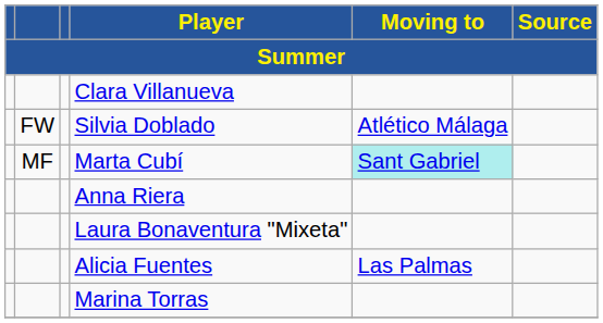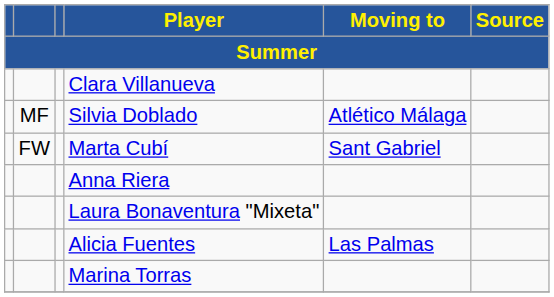 <table class="wikitable plainrowheaders sortable" style="text-align:center">
 <tr>
 <th style="background:#26559B; color:#FFF000; "></th>
 <th style="background:#26559B; color:#FFF000; "></th>
 <th style="background:#26559B; color:#FFF000; "></th>
 <th style="background:#26559B; color:#FFF000; ">Player</th>
 <th style="background:#26559B; color:#FFF000; ">Moving to</th>
 <th style="background:#26559B; color:#FFF000; ">Source</th>
 </tr>
 <tr>
 <th colspan="6" style="background:#26559B; color:#FFF000; ">Summer</th>
 </tr>
 <tr>
 <td></td>
 <td></td>
 <td></td>
 <td align="left"><a href='#'>Clara Villanueva</a></td>
 <td align="left"></td>
 <td></td>
 </tr>
 <tr>
 <td></td>
-<td>FW</td>
+<td>MF</td>
 <td></td>
 <td align="left"><a href='#'>Silvia Doblado</a></td>
 <td align="left"><a href='#'>Atlético Málaga</a></td>
 <td></td>
 </tr>
 <tr>
 <td></td>
-<td>MF</td>
+<td>FW</td>
 <td></td>
 <td align="left"><a href='#'>Marta Cubí</a></td>
-<td align="left" style="background: paleturquoise;"><a href='#'>Sant Gabriel</a></td>
+<td align="left"><a href='#'>Sant Gabriel</a></td>
 <td></td>
 </tr>
 <tr>
 <td></td>
 <td></td>
 <td></td>
 <td align="left"><a href='#'>Anna Riera</a></td>
 <td align="left"></td>
 <td></td>
 </tr>
 <tr>
 <td></td>
 <td></td>
 <td></td>
 <td align="left"><a href='#'>Laura Bonaventura</a> "Mixeta"</td>
 <td align="left"></td>
 <td></td>
 </tr>
 <tr>
 <td></td>
 <td></td>
 <td></td>
 <td align="left"><a href='#'>Alicia Fuentes</a></td>
 <td align="left"><a href='#'>Las Palmas</a></td>
 <td></td>
 </tr>
 <tr>
 <td></td>
 <td></td>
 <td></td>
 <td align="left"><a href='#'>Marina Torras</a></td>
 <td align="left"></td>
 <td></td>
 </tr>
 <tr>
 </tr>
 </table>
